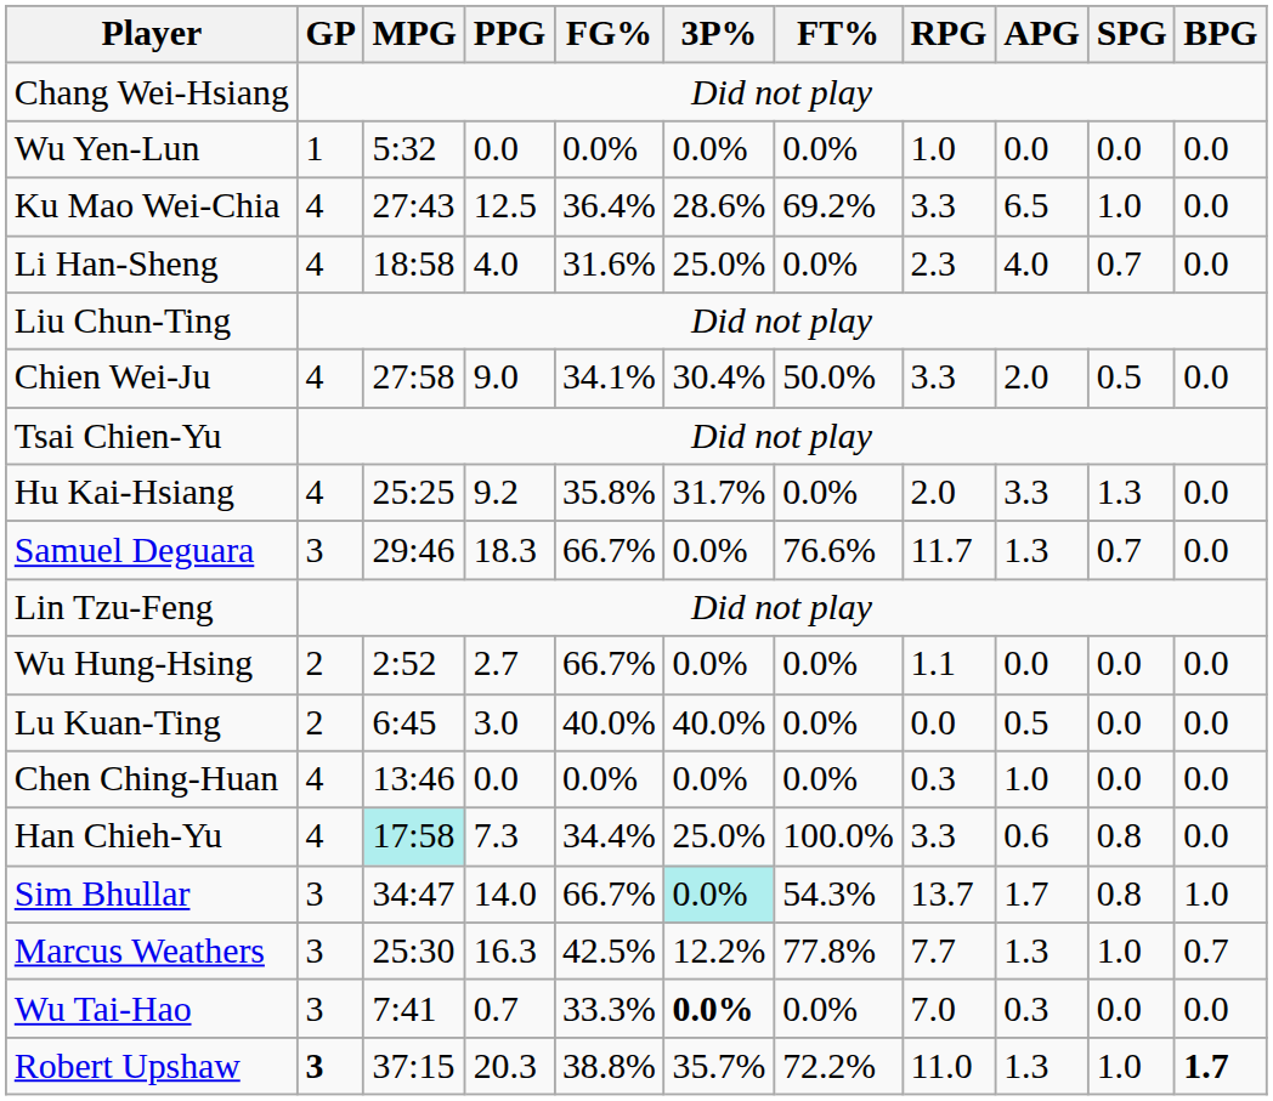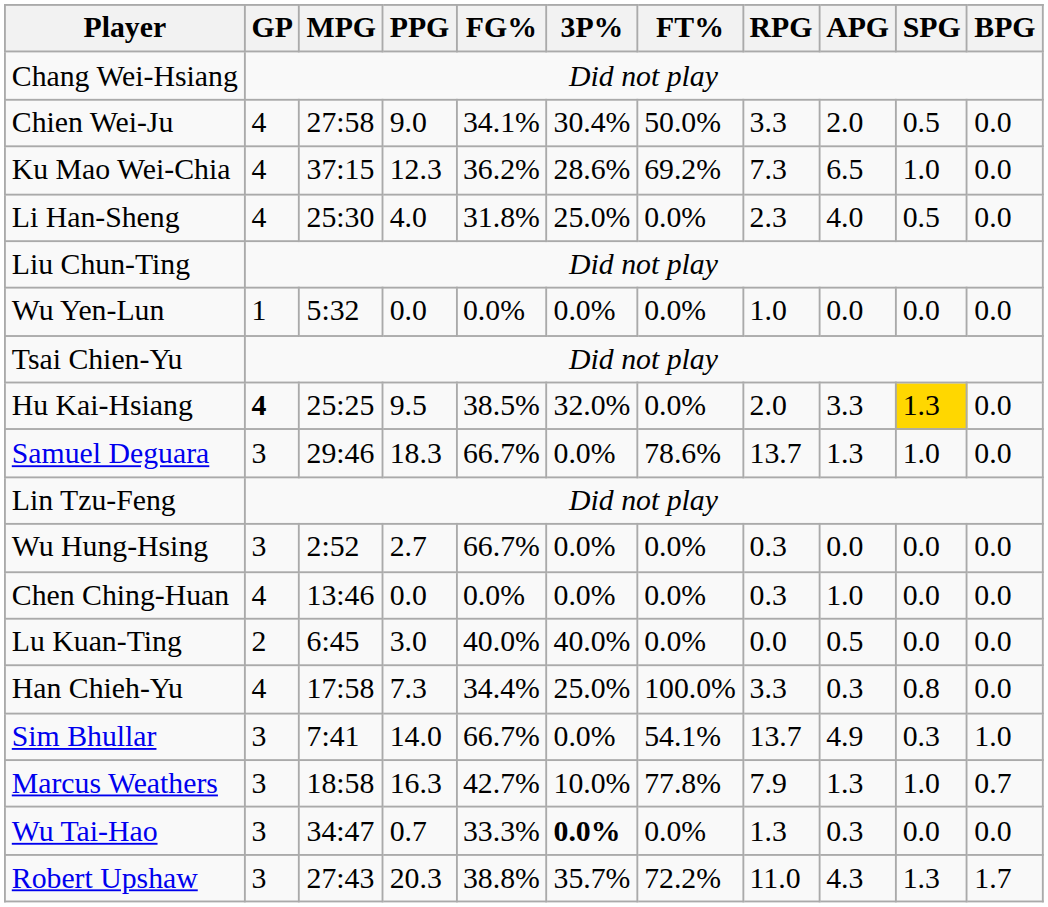 <table class="wikitable">
 <tr>
 <th>Player</th>
 <th>GP</th>
 <th>MPG</th>
 <th>PPG</th>
 <th>FG%</th>
 <th>3P%</th>
 <th>FT%</th>
 <th>RPG</th>
 <th>APG</th>
 <th>SPG</th>
 <th>BPG</th>
 </tr>
 <tr>
 <td>Chang Wei-Hsiang</td>
 <td colspan=10 align=center><em>Did not play</em></td>
 </tr>
 <tr>
+<td>Chien Wei-Ju</td>
+<td>4</td>
+<td>27:58</td>
+<td>9.0</td>
+<td>34.1%</td>
+<td>30.4%</td>
+<td>50.0%</td>
+<td>3.3</td>
+<td>2.0</td>
+<td>0.5</td>
+<td>0.0</td>
+</tr>
+<tr>
+<td>Ku Mao Wei-Chia</td>
+<td>4</td>
+<td>37:15</td>
+<td>12.3</td>
+<td>36.2%</td>
+<td>28.6%</td>
+<td>69.2%</td>
+<td>7.3</td>
+<td>6.5</td>
+<td>1.0</td>
+<td>0.0</td>
+</tr>
+<tr>
+<td>Li Han-Sheng</td>
+<td>4</td>
+<td>25:30</td>
+<td>4.0</td>
+<td>31.8%</td>
+<td>25.0%</td>
+<td>0.0%</td>
+<td>2.3</td>
+<td>4.0</td>
+<td>0.5</td>
+<td>0.0</td>
+</tr>
+<tr>
+<td>Liu Chun-Ting</td>
+<td colspan=10 align=center><em>Did not play</em></td>
+</tr>
+<tr>
 <td>Wu Yen-Lun</td>
 <td>1</td>
 <td>5:32</td>
 <td>0.0</td>
 <td>0.0%</td>
 <td>0.0%</td>
 <td>0.0%</td>
 <td>1.0</td>
 <td>0.0</td>
 <td>0.0</td>
 <td>0.0</td>
 </tr>
 <tr>
-<td>Ku Mao Wei-Chia</td>
-<td>4</td>
-<td>27:43</td>
-<td>12.5</td>
-<td>36.4%</td>
-<td>28.6%</td>
-<td>69.2%</td>
-<td>3.3</td>
-<td>6.5</td>
-<td>1.0</td>
-<td>0.0</td>
-</tr>
-<tr>
-<td>Li Han-Sheng</td>
-<td>4</td>
-<td>18:58</td>
-<td>4.0</td>
-<td>31.6%</td>
-<td>25.0%</td>
-<td>0.0%</td>
-<td>2.3</td>
-<td>4.0</td>
-<td>0.7</td>
-<td>0.0</td>
-</tr>
-<tr>
-<td>Liu Chun-Ting</td>
-<td colspan=10 align=center><em>Did not play</em></td>
-</tr>
-<tr>
-<td>Chien Wei-Ju</td>
-<td>4</td>
-<td>27:58</td>
-<td>9.0</td>
-<td>34.1%</td>
-<td>30.4%</td>
-<td>50.0%</td>
-<td>3.3</td>
-<td>2.0</td>
-<td>0.5</td>
-<td>0.0</td>
-</tr>
-<tr>
 <td>Tsai Chien-Yu</td>
 <td colspan=10 align=center><em>Did not play</em></td>
 </tr>
 <tr>
 <td>Hu Kai-Hsiang</td>
-<td>4</td>
+<td><strong>4</strong></td>
 <td>25:25</td>
-<td>9.2</td>
-<td>35.8%</td>
-<td>31.7%</td>
+<td>9.5</td>
+<td>38.5%</td>
+<td>32.0%</td>
 <td>0.0%</td>
 <td>2.0</td>
 <td>3.3</td>
-<td>1.3</td>
+<td style="background: gold;">1.3</td>
 <td>0.0</td>
 </tr>
 <tr>
 <td><a href='#'>Samuel Deguara</a></td>
 <td>3</td>
 <td>29:46</td>
 <td>18.3</td>
 <td>66.7%</td>
 <td>0.0%</td>
-<td>76.6%</td>
-<td>11.7</td>
+<td>78.6%</td>
+<td>13.7</td>
 <td>1.3</td>
-<td>0.7</td>
+<td>1.0</td>
 <td>0.0</td>
 </tr>
 <tr>
 <td>Lin Tzu-Feng</td>
 <td colspan=10 align=center><em>Did not play</em></td>
 </tr>
 <tr>
 <td>Wu Hung-Hsing</td>
-<td>2</td>
+<td>3</td>
 <td>2:52</td>
 <td>2.7</td>
 <td>66.7%</td>
 <td>0.0%</td>
 <td>0.0%</td>
-<td>1.1</td>
+<td>0.3</td>
 <td>0.0</td>
+<td>0.0</td>
+<td>0.0</td>
+</tr>
+<tr>
+<td>Chen Ching-Huan</td>
+<td>4</td>
+<td>13:46</td>
+<td>0.0</td>
+<td>0.0%</td>
+<td>0.0%</td>
+<td>0.0%</td>
+<td>0.3</td>
+<td>1.0</td>
 <td>0.0</td>
 <td>0.0</td>
 </tr>
 <tr>
 <td>Lu Kuan-Ting</td>
 <td>2</td>
 <td>6:45</td>
 <td>3.0</td>
 <td>40.0%</td>
 <td>40.0%</td>
 <td>0.0%</td>
 <td>0.0</td>
 <td>0.5</td>
 <td>0.0</td>
 <td>0.0</td>
 </tr>
 <tr>
-<td>Chen Ching-Huan</td>
-<td>4</td>
-<td>13:46</td>
-<td>0.0</td>
-<td>0.0%</td>
-<td>0.0%</td>
-<td>0.0%</td>
-<td>0.3</td>
-<td>1.0</td>
-<td>0.0</td>
-<td>0.0</td>
-</tr>
-<tr>
 <td>Han Chieh-Yu</td>
 <td>4</td>
-<td style="background: paleturquoise;">17:58</td>
+<td>17:58</td>
 <td>7.3</td>
 <td>34.4%</td>
 <td>25.0%</td>
 <td>100.0%</td>
 <td>3.3</td>
-<td>0.6</td>
+<td>0.3</td>
 <td>0.8</td>
 <td>0.0</td>
 </tr>
 <tr>
 <td><a href='#'>Sim Bhullar</a></td>
 <td>3</td>
-<td>34:47</td>
+<td>7:41</td>
 <td>14.0</td>
 <td>66.7%</td>
-<td style="background: paleturquoise;">0.0%</td>
-<td>54.3%</td>
+<td>0.0%</td>
+<td>54.1%</td>
 <td>13.7</td>
-<td>1.7</td>
-<td>0.8</td>
+<td>4.9</td>
+<td>0.3</td>
 <td>1.0</td>
 </tr>
 <tr>
 <td><a href='#'>Marcus Weathers</a></td>
 <td>3</td>
-<td>25:30</td>
+<td>18:58</td>
 <td>16.3</td>
-<td>42.5%</td>
-<td>12.2%</td>
+<td>42.7%</td>
+<td>10.0%</td>
 <td>77.8%</td>
-<td>7.7</td>
+<td>7.9</td>
 <td>1.3</td>
 <td>1.0</td>
 <td>0.7</td>
 </tr>
 <tr>
 <td><a href='#'>Wu Tai-Hao</a></td>
 <td>3</td>
-<td>7:41</td>
+<td>34:47</td>
 <td>0.7</td>
 <td>33.3%</td>
 <td><strong>0.0%</strong></td>
 <td>0.0%</td>
-<td>7.0</td>
+<td>1.3</td>
 <td>0.3</td>
 <td>0.0</td>
 <td>0.0</td>
 </tr>
 <tr>
 <td><a href='#'>Robert Upshaw</a></td>
-<td><strong>3</strong></td>
-<td>37:15</td>
+<td>3</td>
+<td>27:43</td>
 <td>20.3</td>
 <td>38.8%</td>
 <td>35.7%</td>
 <td>72.2%</td>
 <td>11.0</td>
+<td>4.3</td>
 <td>1.3</td>
-<td>1.0</td>
-<td><strong>1.7</strong></td>
+<td>1.7</td>
 </tr>
 </table>
